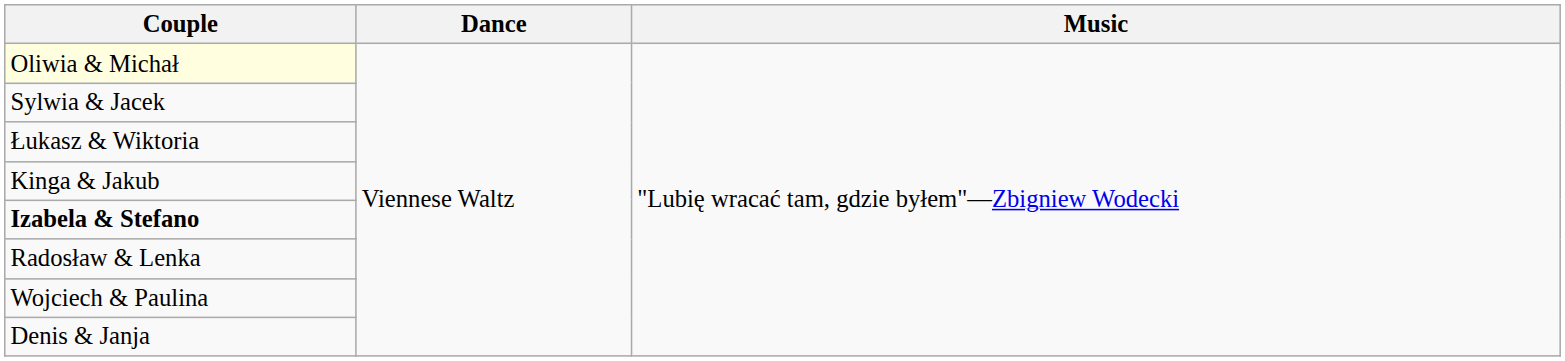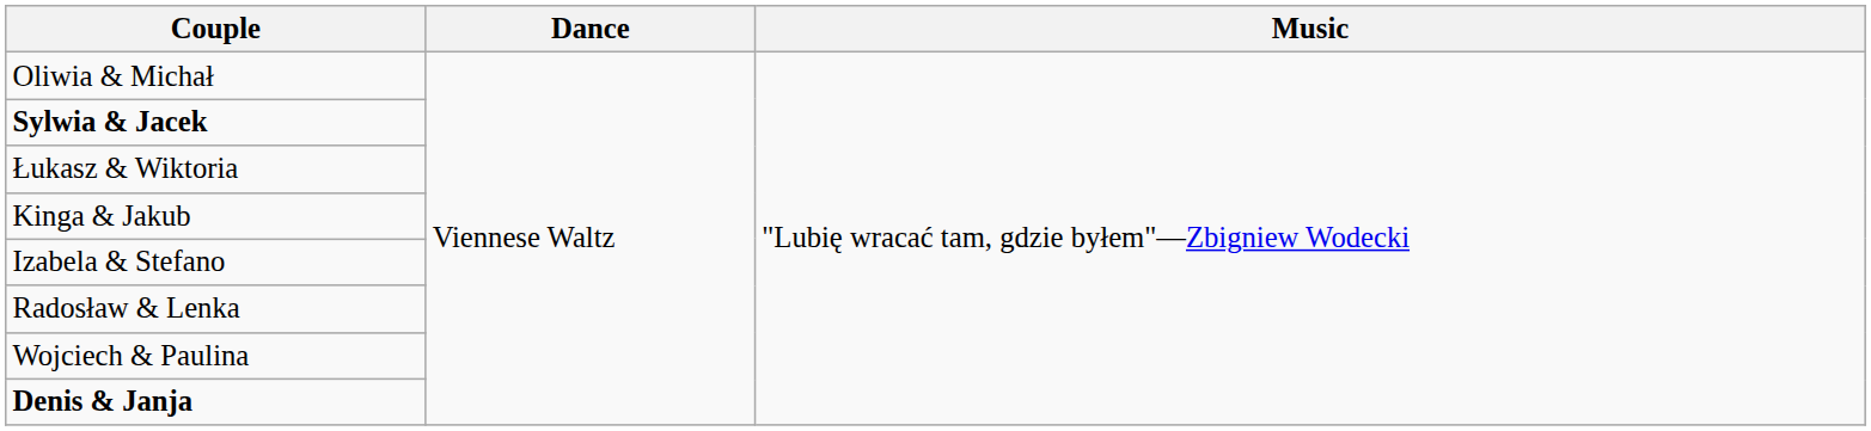 <table class="wikitable" style="width:80%;">
 <tr>
 <th>Couple</th>
 <th>Dance</th>
 <th>Music</th>
 </tr>
 <tr>
-<td style="background: lightyellow;">Oliwia & Michał</td>
+<td>Oliwia & Michał</td>
 <td rowspan="8">Viennese Waltz</td>
 <td rowspan="8">"Lubię wracać tam, gdzie byłem"—<a href='#'>Zbigniew Wodecki</a></td>
 </tr>
 <tr>
-<td>Sylwia & Jacek</td>
+<td><strong>Sylwia & Jacek</strong></td>
 </tr>
 <tr>
 <td>Łukasz & Wiktoria</td>
 </tr>
 <tr>
 <td>Kinga & Jakub</td>
 </tr>
 <tr>
-<td><strong>Izabela & Stefano</strong></td>
+<td>Izabela & Stefano</td>
 </tr>
 <tr>
 <td>Radosław & Lenka</td>
 </tr>
 <tr>
 <td>Wojciech & Paulina</td>
 </tr>
 <tr>
-<td>Denis & Janja</td>
+<td><strong>Denis & Janja</strong></td>
 </tr>
 </table>
